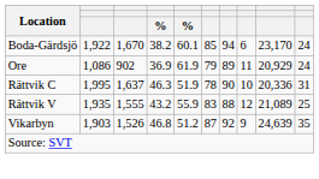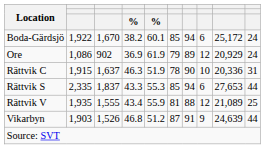 <table role="presentation" class="wikitable sortable mw-collapsible">
 <tr>
 <th rowspan="3">Location</th>
 <th></th>
 <th></th>
 <th></th>
 <th></th>
 <th></th>
 <th></th>
 <th></th>
 <th></th>
 <th></th>
 </tr>
 <tr>
 <th></th>
 <th></th>
 <th style="background:"></th>
 <th style="background:"></th>
 <th></th>
 <th></th>
 <th></th>
 <th></th>
 <th></th>
 </tr>
 <tr>
 <th data-sort-type="number"></th>
 <th data-sort-type="number"></th>
 <th data-sort-type="number">%</th>
 <th data-sort-type="number">%</th>
 <th data-sort-type="number"></th>
 <th data-sort-type="number"></th>
 <th data-sort-type="number"></th>
 <th data-sort-type="number"></th>
 <th data-sort-type="number"></th>
 </tr>
 <tr>
 <td align="left">Boda-Gärdsjö</td>
 <td>1,922</td>
 <td>1,670</td>
 <td>38.2</td>
 <td>60.1</td>
 <td>85</td>
 <td>94</td>
 <td>6</td>
-<td>23,170</td>
+<td>25,172</td>
 <td>24</td>
 </tr>
 <tr>
 <td align="left">Ore</td>
 <td>1,086</td>
 <td>902</td>
 <td>36.9</td>
 <td>61.9</td>
 <td>79</td>
 <td>89</td>
-<td>11</td>
+<td>12</td>
 <td>20,929</td>
 <td>24</td>
 </tr>
 <tr>
 <td align="left">Rättvik C</td>
-<td>1,995</td>
+<td>1,915</td>
 <td>1,637</td>
 <td>46.3</td>
 <td>51.9</td>
 <td>78</td>
 <td>90</td>
 <td>10</td>
 <td>20,336</td>
 <td>31</td>
 </tr>
 <tr>
+<td align="left">Rättvik S</td>
+<td>2,335</td>
+<td>1,837</td>
+<td>43.3</td>
+<td>55.3</td>
+<td>85</td>
+<td>94</td>
+<td>6</td>
+<td>27,653</td>
+<td>44</td>
+</tr>
+<tr>
 <td align="left">Rättvik V</td>
 <td>1,935</td>
 <td>1,555</td>
-<td>43.2</td>
+<td>43.4</td>
 <td>55.9</td>
-<td>83</td>
+<td>81</td>
 <td>88</td>
 <td>12</td>
 <td>21,089</td>
 <td>25</td>
 </tr>
 <tr>
 <td align="left">Vikarbyn</td>
 <td>1,903</td>
 <td>1,526</td>
 <td>46.8</td>
 <td>51.2</td>
 <td>87</td>
-<td>92</td>
+<td>91</td>
 <td>9</td>
 <td>24,639</td>
-<td>35</td>
+<td>44</td>
 </tr>
 <tr>
 <td colspan="10" align="left">Source: <a href='#'>SVT</a></td>
 </tr>
 </table>
